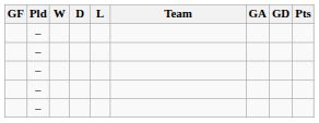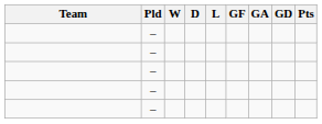 <table class="wikitable" style="text-align: center;">
 <tr>
-<th width=20>GF</th>
+<th width=175>Team</th>
 <th width=20>Pld</th>
 <th width=20>W</th>
 <th width=20>D</th>
 <th width=20>L</th>
-<th width=175>Team</th>
+<th width=20>GF</th>
 <th width=20>GA</th>
 <th width=20>GD</th>
 <th width=20>Pts</th>
 </tr>
 <tr>
-<td></td>
+<td style="text-align:left;"></td>
 <td>–</td>
 <td></td>
 <td></td>
 <td></td>
-<td style="text-align:left;"></td>
+<td></td>
 <td></td>
 <td></td>
 <td></td>
 </tr>
 <tr>
-<td></td>
+<td style="text-align:left;"></td>
 <td>–</td>
 <td></td>
 <td></td>
 <td></td>
-<td style="text-align:left;"></td>
+<td></td>
 <td></td>
 <td></td>
 <td></td>
 </tr>
 <tr>
-<td></td>
+<td style="text-align:left;"></td>
 <td>–</td>
 <td></td>
 <td></td>
 <td></td>
-<td style="text-align:left;"></td>
+<td></td>
 <td></td>
 <td></td>
 <td></td>
 </tr>
 <tr>
-<td></td>
+<td style="text-align:left;"></td>
 <td>–</td>
 <td></td>
 <td></td>
 <td></td>
-<td style="text-align:left;"></td>
+<td></td>
 <td></td>
 <td></td>
 <td></td>
 </tr>
 <tr>
-<td></td>
+<td style="text-align:left;"></td>
 <td>–</td>
 <td></td>
 <td></td>
 <td></td>
-<td style="text-align:left;"></td>
+<td></td>
 <td></td>
 <td></td>
 <td></td>
 </tr>
 </table>
